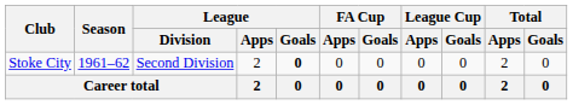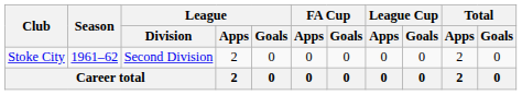 <table class="wikitable" style="text-align: center;">
 <tr>
 <th rowspan="2">Club</th>
 <th rowspan="2">Season</th>
 <th colspan="3">League</th>
 <th colspan="2">FA Cup</th>
 <th colspan="2">League Cup</th>
 <th colspan="2">Total</th>
 </tr>
 <tr>
 <th>Division</th>
 <th>Apps</th>
 <th>Goals</th>
 <th>Apps</th>
 <th>Goals</th>
 <th>Apps</th>
 <th>Goals</th>
 <th>Apps</th>
 <th>Goals</th>
 </tr>
 <tr>
 <td><a href='#'>Stoke City</a></td>
 <td><a href='#'>1961–62</a></td>
 <td><a href='#'>Second Division</a></td>
 <td>2</td>
-<td><strong>0</strong></td>
+<td>0</td>
 <td>0</td>
 <td>0</td>
 <td>0</td>
 <td>0</td>
 <td>2</td>
 <td>0</td>
 </tr>
 <tr>
 <th colspan="3">Career total</th>
 <th>2</th>
 <th>0</th>
 <th>0</th>
 <th>0</th>
 <th>0</th>
 <th>0</th>
 <th>2</th>
 <th>0</th>
 </tr>
 </table>
